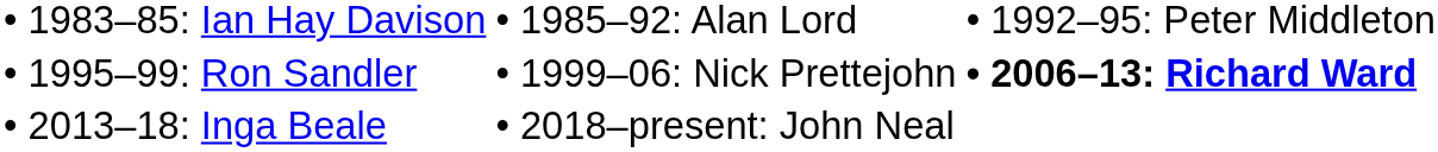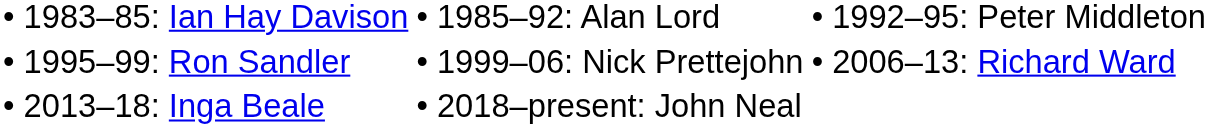 <table>
 <tr>
 <td>• 1983–85: <a href='#'>Ian Hay Davison</a></td>
 <td>• 1985–92: Alan Lord</td>
 <td>• 1992–95: Peter Middleton</td>
 </tr>
 <tr>
 <td>• 1995–99: <a href='#'>Ron Sandler</a></td>
 <td>• 1999–06: Nick Prettejohn</td>
-<td><strong>• 2006–13: <a href='#'>Richard Ward</a></strong></td>
+<td>• 2006–13: <a href='#'>Richard Ward</a></td>
 </tr>
 <tr>
 <td>• 2013–18: <a href='#'>Inga Beale</a></td>
 <td>• 2018–present: John Neal</td>
 </tr>
 </table>
